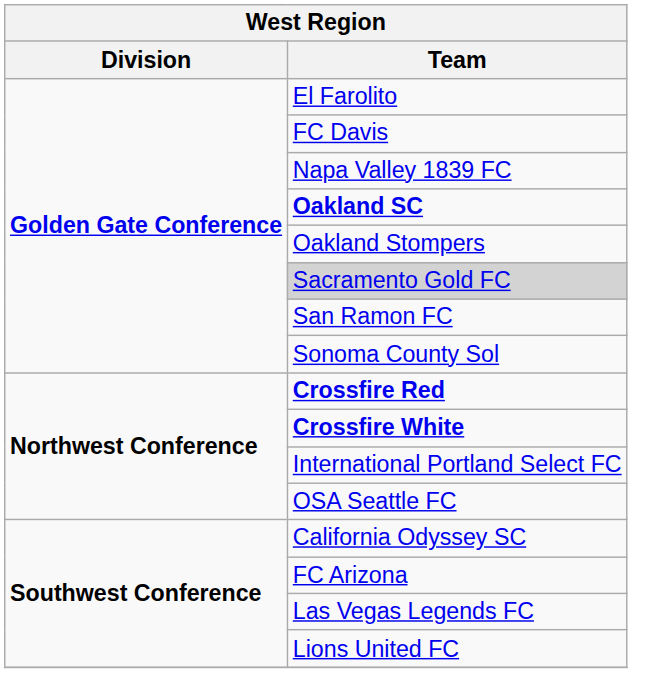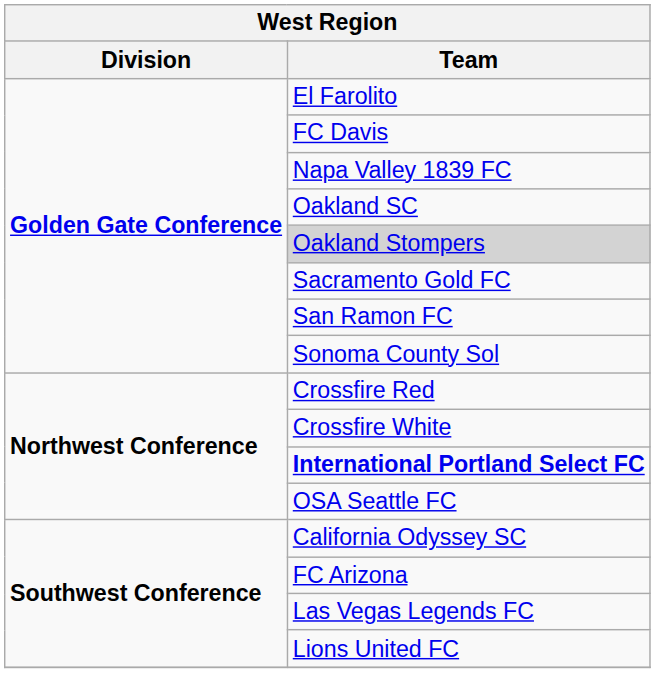 <table class="wikitable" style="text-align:left">
 <tr>
 <th colspan=2>West Region</th>
 </tr>
 <tr>
 <th>Division</th>
 <th>Team</th>
 </tr>
 <tr>
 <td rowspan=8><strong><a href='#'>Golden Gate Conference</a></strong></td>
 <td><a href='#'>El Farolito</a></td>
 </tr>
 <tr>
 <td><a href='#'>FC Davis</a></td>
 </tr>
 <tr>
 <td><a href='#'>Napa Valley 1839 FC</a></td>
 </tr>
 <tr>
-<td><strong><a href='#'>Oakland SC</a></strong></td>
+<td><a href='#'>Oakland SC</a></td>
 </tr>
 <tr>
-<td><a href='#'>Oakland Stompers</a></td>
+<td style="background: lightgrey;"><a href='#'>Oakland Stompers</a></td>
 </tr>
 <tr>
-<td style="background: lightgrey;"><a href='#'>Sacramento Gold FC</a></td>
+<td><a href='#'>Sacramento Gold FC</a></td>
 </tr>
 <tr>
 <td><a href='#'>San Ramon FC</a></td>
 </tr>
 <tr>
 <td><a href='#'>Sonoma County Sol</a></td>
 </tr>
 <tr>
 <td rowspan=4><strong>Northwest Conference</strong></td>
-<td><strong><a href='#'>Crossfire Red</a></strong></td>
+<td><a href='#'>Crossfire Red</a></td>
 </tr>
 <tr>
-<td><strong><a href='#'>Crossfire White</a></strong></td>
+<td><a href='#'>Crossfire White</a></td>
 </tr>
 <tr>
-<td><a href='#'>International Portland Select FC</a></td>
+<td><strong><a href='#'>International Portland Select FC</a></strong></td>
 </tr>
 <tr>
 <td><a href='#'>OSA Seattle FC</a></td>
 </tr>
 <tr>
 <td rowspan=4><strong>Southwest Conference</strong></td>
 <td><a href='#'>California Odyssey SC</a></td>
 </tr>
 <tr>
 <td><a href='#'>FC Arizona</a></td>
 </tr>
 <tr>
 <td><a href='#'>Las Vegas Legends FC</a></td>
 </tr>
 <tr>
 <td><a href='#'>Lions United FC</a></td>
 </tr>
 <tr>
 </tr>
 </table>
